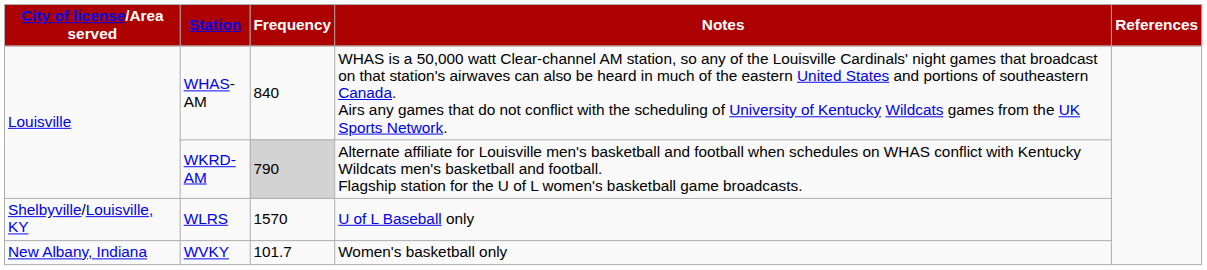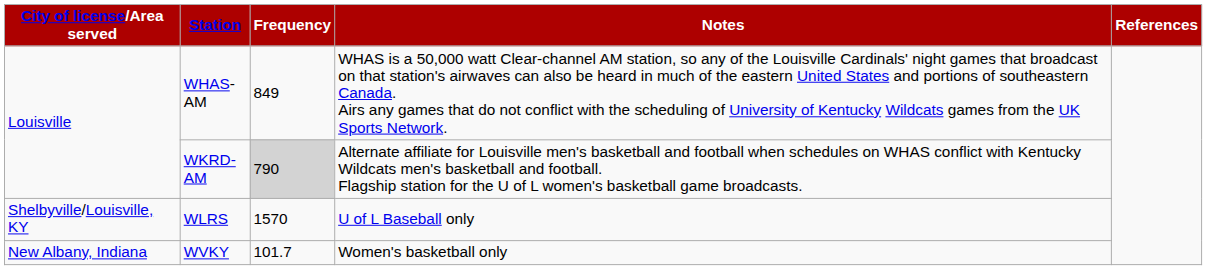 <table class="wikitable">
 <tr>
 <th style="background:#AD0000; color:#FFFFFF; "><a href='#'>City of license</a>/Area served</th>
 <th style="background:#AD0000; color:#FFFFFF; "><a href='#'>Station</a></th>
 <th style="background:#AD0000; color:#FFFFFF; ">Frequency</th>
 <th style="background:#AD0000; color:#FFFFFF; ">Notes</th>
 <th style="background:#AD0000; color:#FFFFFF; ">References</th>
 </tr>
 <tr>
 <td rowspan=2><a href='#'>Louisville</a></td>
 <td><a href='#'>WHAS</a>-AM</td>
-<td>840</td>
+<td>849</td>
 <td>WHAS is a 50,000 watt Clear-channel AM station, so any of the Louisville Cardinals' night games that broadcast on that station's airwaves can also be heard in much of the eastern <a href='#'>United States</a> and portions of southeastern <a href='#'>Canada</a>.<br>Airs any games that do not conflict with the scheduling of <a href='#'>University of Kentucky</a> <a href='#'>Wildcats</a> games from the <a href='#'>UK Sports Network</a>.</td>
 <td rowspan=4></td>
 </tr>
 <tr>
 <td><a href='#'>WKRD-AM</a></td>
 <td style="background: lightgrey;">790</td>
 <td>Alternate affiliate for Louisville men's basketball and football when schedules on WHAS conflict with Kentucky Wildcats men's basketball and football.<br>Flagship station for the U of L women's basketball game broadcasts.</td>
 </tr>
 <tr>
 <td><a href='#'>Shelbyville</a>/<a href='#'>Louisville, KY</a></td>
 <td><a href='#'>WLRS</a></td>
 <td>1570</td>
 <td><a href='#'>U of L Baseball</a> only</td>
 </tr>
 <tr>
 <td><a href='#'>New Albany, Indiana</a></td>
 <td><a href='#'>WVKY</a></td>
 <td>101.7</td>
 <td>Women's basketball only</td>
 </tr>
 </table>
